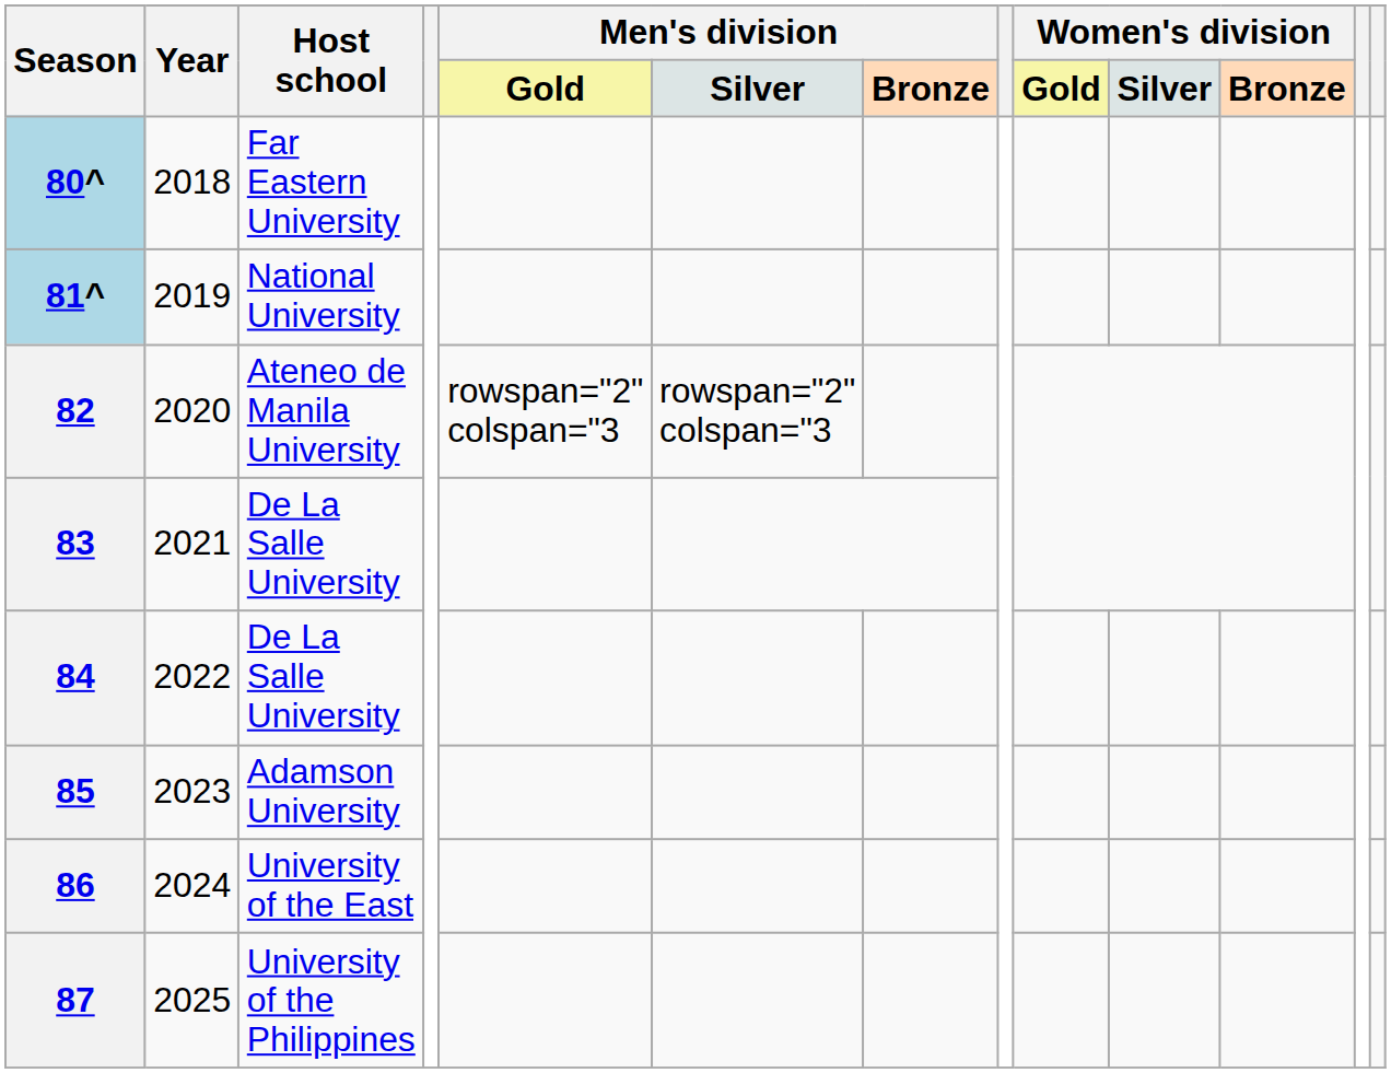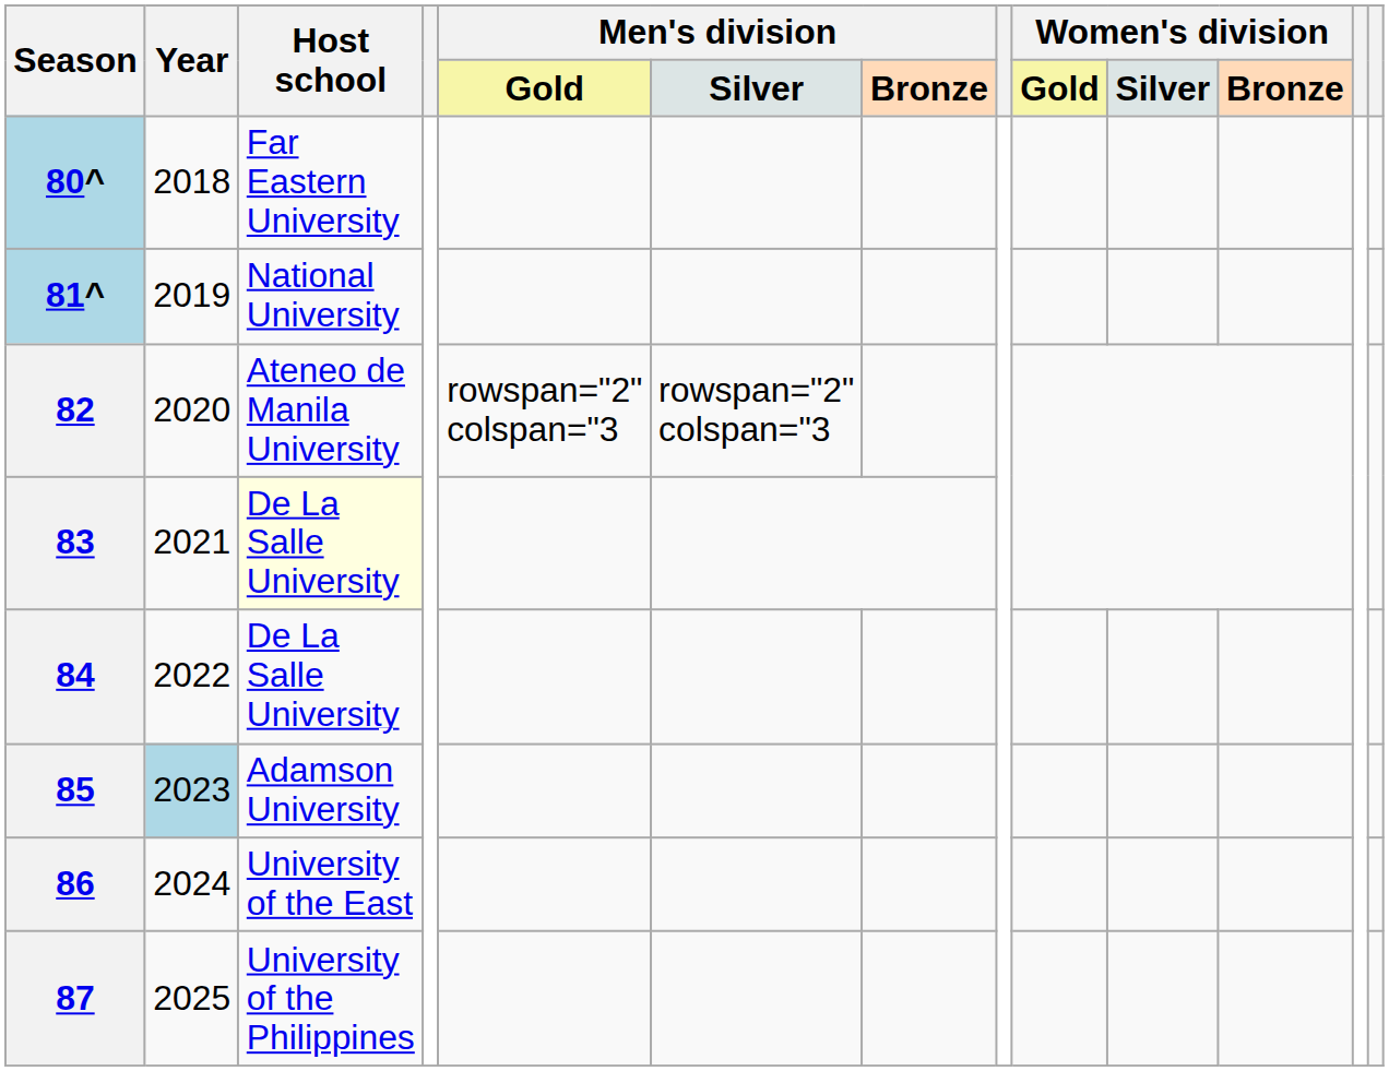 <table class="wikitable plainrowheaders" style="width:95%">
 <tr align=left>
 <th scope="col" rowspan="2" style="width:4%;">Season</th>
 <th scope="col" rowspan="2" style="width:4%;">Year</th>
 <th scope="col" rowspan="2" style="width:12%;">Host school</th>
 <th rowspan="2" style="width:1%;"></th>
 <th scope="col" colspan="3">Men's division</th>
 <th scope="col" rowspan="2" style="width:1%;"></th>
 <th scope="col" colspan="3">Women's division</th>
 <th scope="col" rowspan="2" style="width:1%;"></th>
 <th scope="col" rowspan="2" style="width:5%;"></th>
 </tr>
 <tr>
 <th scope="col" style="background-color: #F7F6A8; width:8%;"> Gold</th>
 <th scope="col" style="background-color: #DCE5E5; width:8%;"> Silver</th>
 <th scope="col" style="background-color: #FFDAB9; width:8%;"> Bronze</th>
 <th scope="col" style="background-color: #F7F6A8; width:8%;"> Gold</th>
 <th scope="col" style="background-color: #DCE5E5; width:8%;"> Silver</th>
 <th scope="col" style="background-color: #FFDAB9; width:8%;"> Bronze</th>
 </tr>
 <tr>
 <th scope="row" style="background-color:lightblue; text-align:center;"><a href='#'>80</a>^</th>
 <td align="center">2018</td>
 <td><a href='#'>Far Eastern University</a></td>
 <td style="background-color:white;" rowspan="8"></td>
 <td> </td>
 <td> </td>
 <td> <br> </td>
 <td style="background-color:white;" rowspan="8"></td>
 <td> </td>
 <td> </td>
 <td> <br> </td>
 <td style="background-color:white;" rowspan="8"></td>
 <td align="center"></td>
 </tr>
 <tr>
 <th scope="row" style="background-color:lightblue; text-align:center;"><a href='#'>81</a>^</th>
 <td align="center">2019</td>
 <td><a href='#'>National University</a></td>
 <td> </td>
 <td> </td>
 <td> </td>
 <td> </td>
 <td> </td>
 <td> </td>
 <td align="center"></td>
 </tr>
 <tr>
 <th scope="row" style="text-align:center;"><a href='#'>82</a></th>
 <td align="center">2020</td>
 <td><a href='#'>Ateneo de Manila University</a></td>
 <td>rowspan="2" colspan="3 </td>
 <td>rowspan="2" colspan="3 </td>
 <td align="center"></td>
 </tr>
 <tr>
 <th scope="row" style="text-align:center;"><a href='#'>83</a></th>
 <td align="center">2021</td>
-<td><a href='#'>De La Salle University</a></td>
+<td style="background: lightyellow;"><a href='#'>De La Salle University</a></td>
 <td align="center"></td>
 </tr>
 <tr>
 <th scope="row" style="text-align:center;"><a href='#'>84</a></th>
 <td align="center">2022</td>
 <td><a href='#'>De La Salle University</a></td>
 <td> </td>
 <td> </td>
 <td> </td>
 <td> </td>
 <td> </td>
 <td> </td>
 <td align="center"></td>
 </tr>
 <tr>
 <th scope="row" style="text-align:center;"><a href='#'>85</a></th>
-<td align="center">2023</td>
+<td align="center" style="background: lightblue;">2023</td>
 <td><a href='#'>Adamson University</a></td>
 <td> </td>
 <td> </td>
 <td> </td>
 <td> </td>
 <td> </td>
 <td> </td>
 <td align="center"></td>
 </tr>
 <tr>
 <th scope="row" style="text-align:center;"><a href='#'>86</a></th>
 <td align="center">2024</td>
 <td><a href='#'>University of the East</a></td>
 <td> </td>
 <td> </td>
 <td> </td>
 <td> </td>
 <td> </td>
 <td> </td>
 <td align="center"></td>
 </tr>
 <tr>
 <th scope="row" style="text-align:center;"><a href='#'>87</a></th>
 <td align="center">2025</td>
 <td><a href='#'>University of the Philippines</a></td>
 <td> </td>
 <td> </td>
 <td> </td>
 <td> </td>
 <td> </td>
 <td> </td>
 <td align="center"></td>
 </tr>
 </table>
